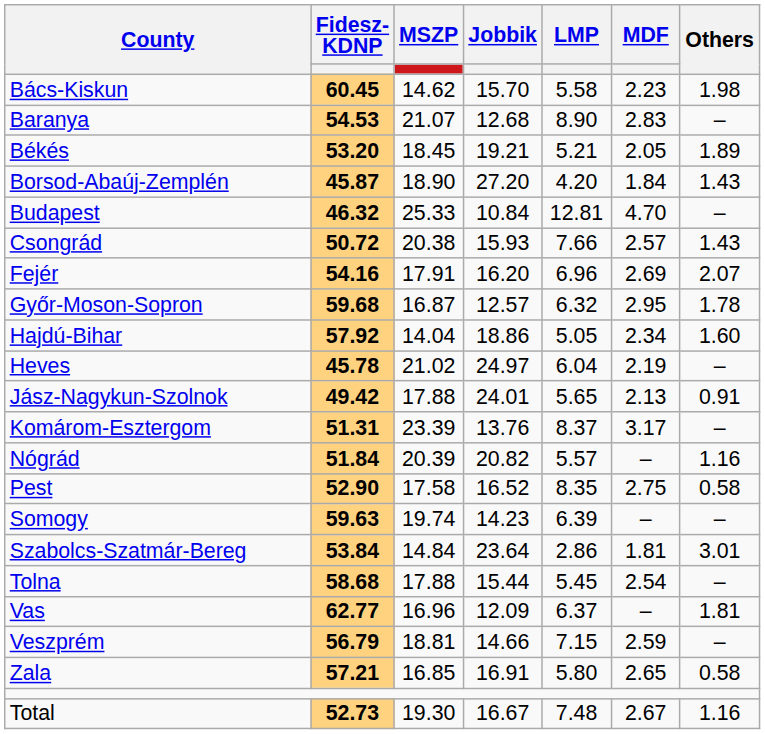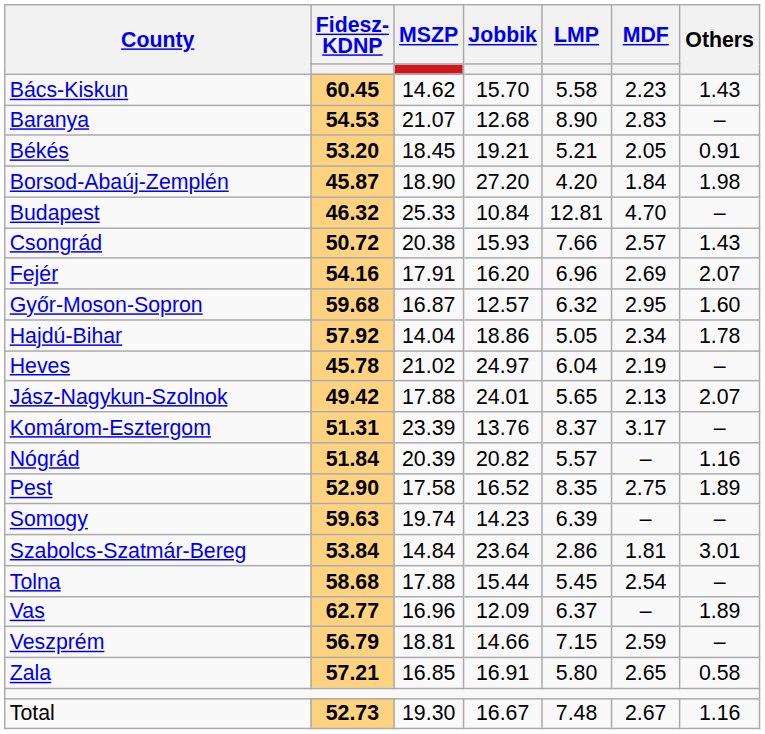 <table class="wikitable sortable" style="text-align:center;font-size:90%;line-height:14px">
 <tr style="height:40px;">
 <th style="width:200px;" rowspan="2"><a href='#'>County</a></th>
 <th style="width:40px;"><a href='#'>Fidesz-KDNP</a></th>
 <th style="width:40px;"><a href='#'>MSZP</a></th>
 <th style="width:40px;"><a href='#'>Jobbik</a></th>
 <th style="width:40px;"><a href='#'>LMP</a></th>
 <th style="width:40px;"><a href='#'>MDF</a></th>
 <th class="unsortable" style="width:40px;" rowspan="2">Others</th>
 </tr>
 <tr>
 <th style="background:"></th>
 <th style="background:#CE171B;"></th>
 <th style="background:"></th>
 <th style="background:"></th>
 <th style="background:"></th>
 </tr>
 <tr>
 <td align="left"><a href='#'>Bács-Kiskun</a></td>
 <td style="background:#ffd27f;"><strong>60.45</strong></td>
 <td>14.62</td>
 <td>15.70</td>
 <td>5.58</td>
 <td>2.23</td>
-<td>1.98</td>
+<td>1.43</td>
 </tr>
 <tr>
 <td align="left"><a href='#'>Baranya</a></td>
 <td style="background:#ffd27f;"><strong>54.53</strong></td>
 <td>21.07</td>
 <td>12.68</td>
 <td>8.90</td>
 <td>2.83</td>
 <td>–</td>
 </tr>
 <tr>
 <td align="left"><a href='#'>Békés</a></td>
 <td style="background:#ffd27f;"><strong>53.20</strong></td>
 <td>18.45</td>
 <td>19.21</td>
 <td>5.21</td>
 <td>2.05</td>
-<td>1.89</td>
+<td>0.91</td>
 </tr>
 <tr>
 <td align="left"><a href='#'>Borsod-Abaúj-Zemplén</a></td>
 <td style="background:#ffd27f;"><strong>45.87</strong></td>
 <td>18.90</td>
 <td>27.20</td>
 <td>4.20</td>
 <td>1.84</td>
-<td>1.43</td>
+<td>1.98</td>
 </tr>
 <tr>
 <td align="left"><a href='#'>Budapest</a></td>
 <td style="background:#ffd27f;"><strong>46.32</strong></td>
 <td>25.33</td>
 <td>10.84</td>
 <td>12.81</td>
 <td>4.70</td>
 <td>–</td>
 </tr>
 <tr>
 <td align="left"><a href='#'>Csongrád</a></td>
 <td style="background:#ffd27f;"><strong>50.72</strong></td>
 <td>20.38</td>
 <td>15.93</td>
 <td>7.66</td>
 <td>2.57</td>
 <td>1.43</td>
 </tr>
 <tr>
 <td align="left"><a href='#'>Fejér</a></td>
 <td style="background:#ffd27f;"><strong>54.16</strong></td>
 <td>17.91</td>
 <td>16.20</td>
 <td>6.96</td>
 <td>2.69</td>
 <td>2.07</td>
 </tr>
 <tr>
 <td align="left"><a href='#'>Győr-Moson-Sopron</a></td>
 <td style="background:#ffd27f;"><strong>59.68</strong></td>
 <td>16.87</td>
 <td>12.57</td>
 <td>6.32</td>
 <td>2.95</td>
-<td>1.78</td>
+<td>1.60</td>
 </tr>
 <tr>
 <td align="left"><a href='#'>Hajdú-Bihar</a></td>
 <td style="background:#ffd27f;"><strong>57.92</strong></td>
 <td>14.04</td>
 <td>18.86</td>
 <td>5.05</td>
 <td>2.34</td>
-<td>1.60</td>
+<td>1.78</td>
 </tr>
 <tr>
 <td align="left"><a href='#'>Heves</a></td>
 <td style="background:#ffd27f;"><strong>45.78</strong></td>
 <td>21.02</td>
 <td>24.97</td>
 <td>6.04</td>
 <td>2.19</td>
 <td>–</td>
 </tr>
 <tr>
 <td align="left"><a href='#'>Jász-Nagykun-Szolnok</a></td>
 <td style="background:#ffd27f;"><strong>49.42</strong></td>
 <td>17.88</td>
 <td>24.01</td>
 <td>5.65</td>
 <td>2.13</td>
-<td>0.91</td>
+<td>2.07</td>
 </tr>
 <tr>
 <td align="left"><a href='#'>Komárom-Esztergom</a></td>
 <td style="background:#ffd27f;"><strong>51.31</strong></td>
 <td>23.39</td>
 <td>13.76</td>
 <td>8.37</td>
 <td>3.17</td>
 <td>–</td>
 </tr>
 <tr>
 <td align="left"><a href='#'>Nógrád</a></td>
 <td style="background:#ffd27f;"><strong>51.84</strong></td>
 <td>20.39</td>
 <td>20.82</td>
 <td>5.57</td>
 <td>–</td>
 <td>1.16</td>
 </tr>
 <tr>
 <td align="left"><a href='#'>Pest</a></td>
 <td style="background:#ffd27f;"><strong>52.90</strong></td>
 <td>17.58</td>
 <td>16.52</td>
 <td>8.35</td>
 <td>2.75</td>
-<td>0.58</td>
+<td>1.89</td>
 </tr>
 <tr>
 <td align="left"><a href='#'>Somogy</a></td>
 <td style="background:#ffd27f;"><strong>59.63</strong></td>
 <td>19.74</td>
 <td>14.23</td>
 <td>6.39</td>
 <td>–</td>
 <td>–</td>
 </tr>
 <tr>
 <td align="left"><a href='#'>Szabolcs-Szatmár-Bereg</a></td>
 <td style="background:#ffd27f;"><strong>53.84</strong></td>
 <td>14.84</td>
 <td>23.64</td>
 <td>2.86</td>
 <td>1.81</td>
 <td>3.01</td>
 </tr>
 <tr>
 <td align="left"><a href='#'>Tolna</a></td>
 <td style="background:#ffd27f;"><strong>58.68</strong></td>
 <td>17.88</td>
 <td>15.44</td>
 <td>5.45</td>
 <td>2.54</td>
 <td>–</td>
 </tr>
 <tr>
 <td align="left"><a href='#'>Vas</a></td>
 <td style="background:#ffd27f;"><strong>62.77</strong></td>
 <td>16.96</td>
 <td>12.09</td>
 <td>6.37</td>
 <td>–</td>
-<td>1.81</td>
+<td>1.89</td>
 </tr>
 <tr>
 <td align="left"><a href='#'>Veszprém</a></td>
 <td style="background:#ffd27f;"><strong>56.79</strong></td>
 <td>18.81</td>
 <td>14.66</td>
 <td>7.15</td>
 <td>2.59</td>
 <td>–</td>
 </tr>
 <tr>
 <td align="left"><a href='#'>Zala</a></td>
 <td style="background:#ffd27f;"><strong>57.21</strong></td>
 <td>16.85</td>
 <td>16.91</td>
 <td>5.80</td>
 <td>2.65</td>
 <td>0.58</td>
 </tr>
 <tr>
 <td colspan=10></td>
 </tr>
 <tr>
 <td align="left">Total</td>
 <td style="background:#ffd27f;"><strong>52.73</strong></td>
 <td>19.30</td>
 <td>16.67</td>
 <td>7.48</td>
 <td>2.67</td>
 <td>1.16</td>
 </tr>
 </table>
